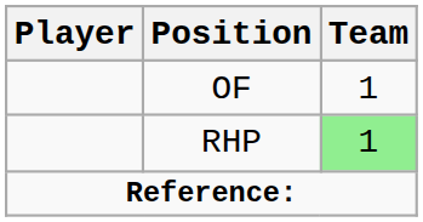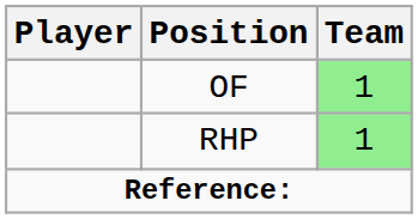 <table class="wikitable sortable sortable" style="text-align: center">
 <tr align=center>
 <th>Player</th>
 <th>Position</th>
 <th>Team</th>
 </tr>
 <tr>
 <td></td>
 <td>OF</td>
-<td>1</td>
+<td style="background: lightgreen;">1</td>
 </tr>
 <tr>
 <td></td>
 <td>RHP</td>
 <td style="background: lightgreen;">1</td>
 </tr>
 <tr class="sortbottom">
 <td colspan="4"  style="font-size:85%; text-align:center;"><strong>Reference:</strong> </td>
 </tr>
 </table>
